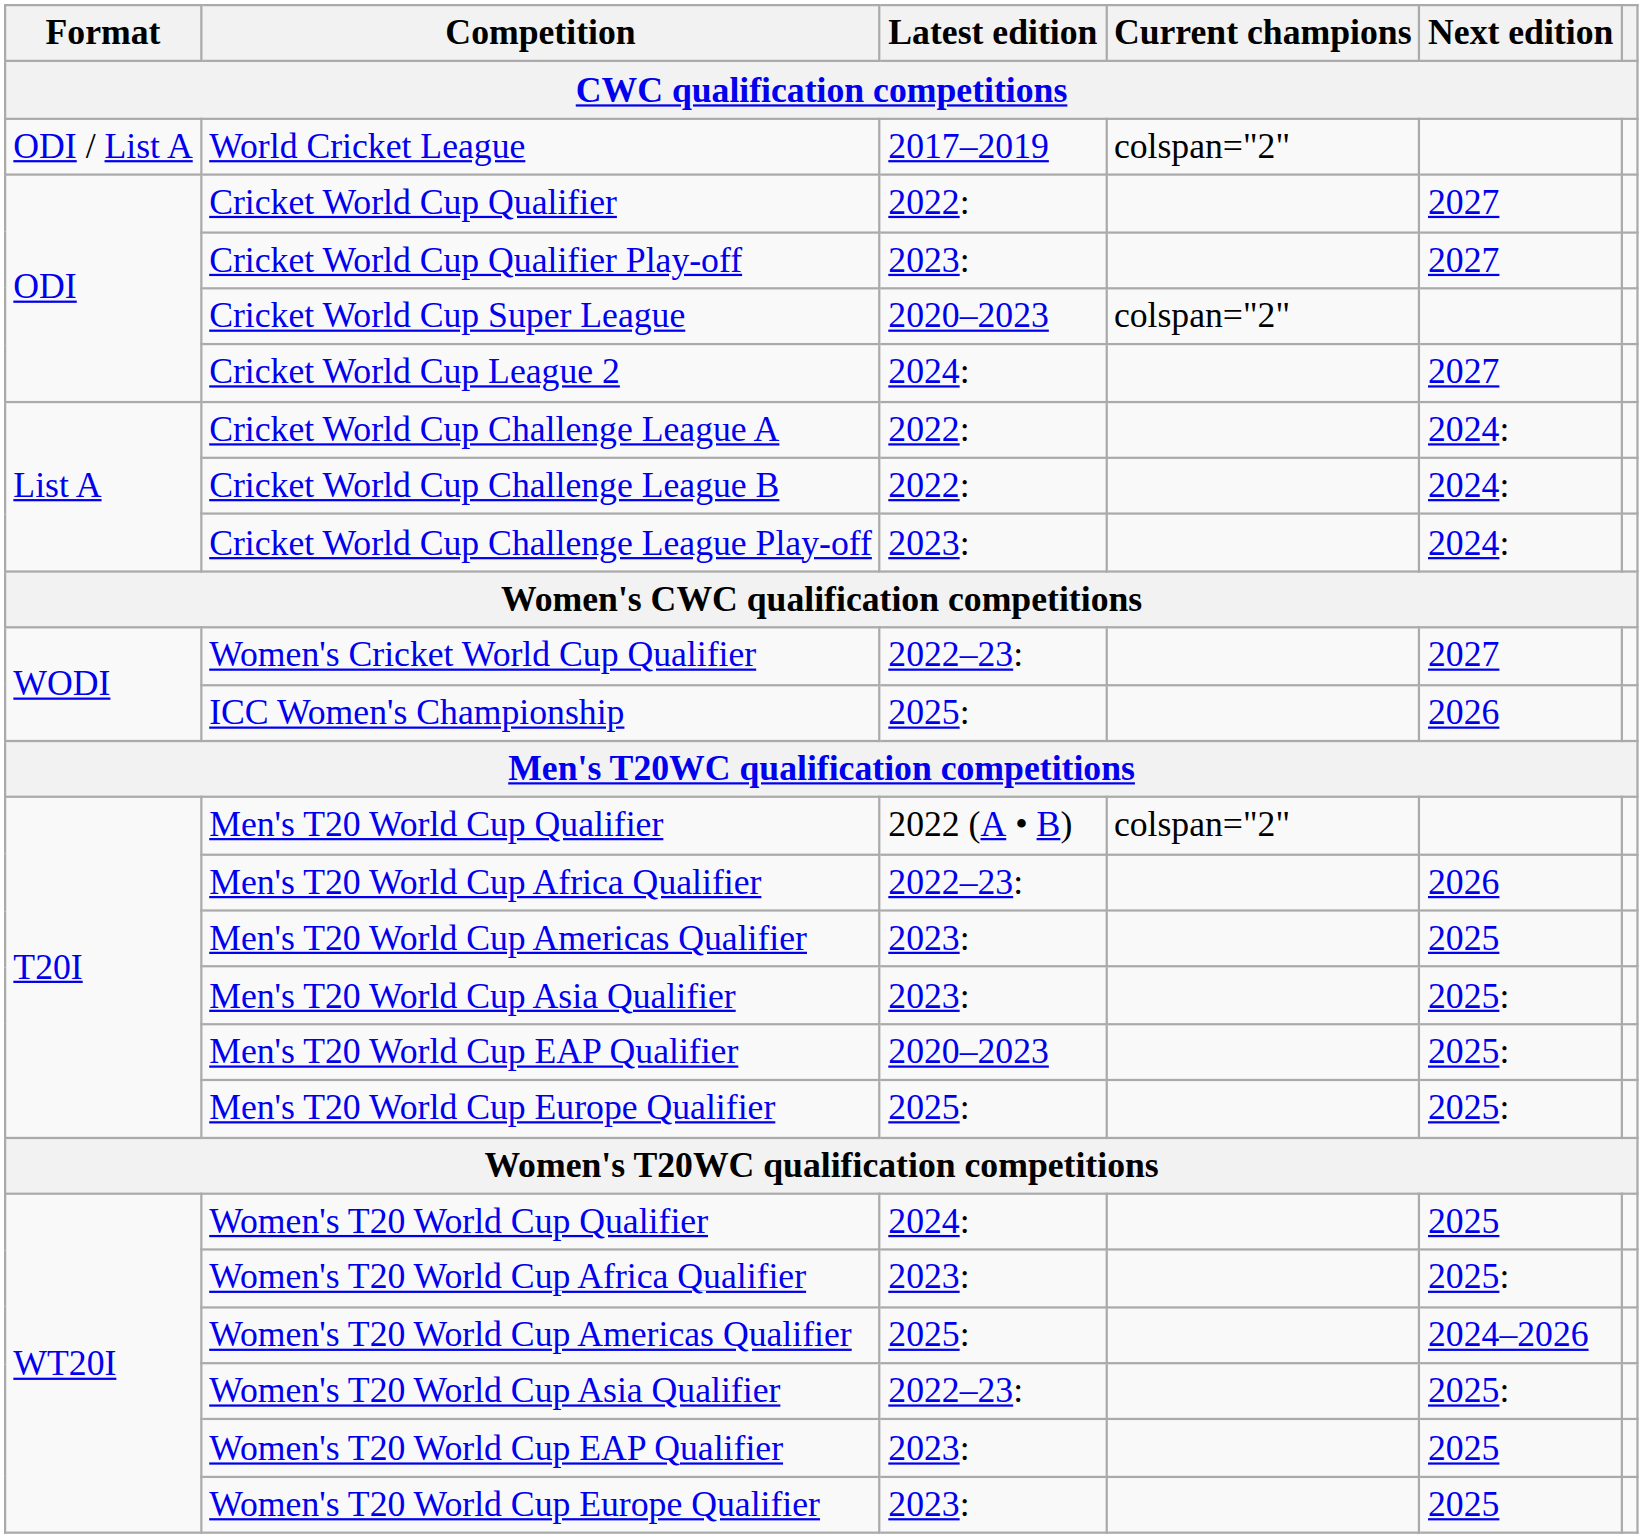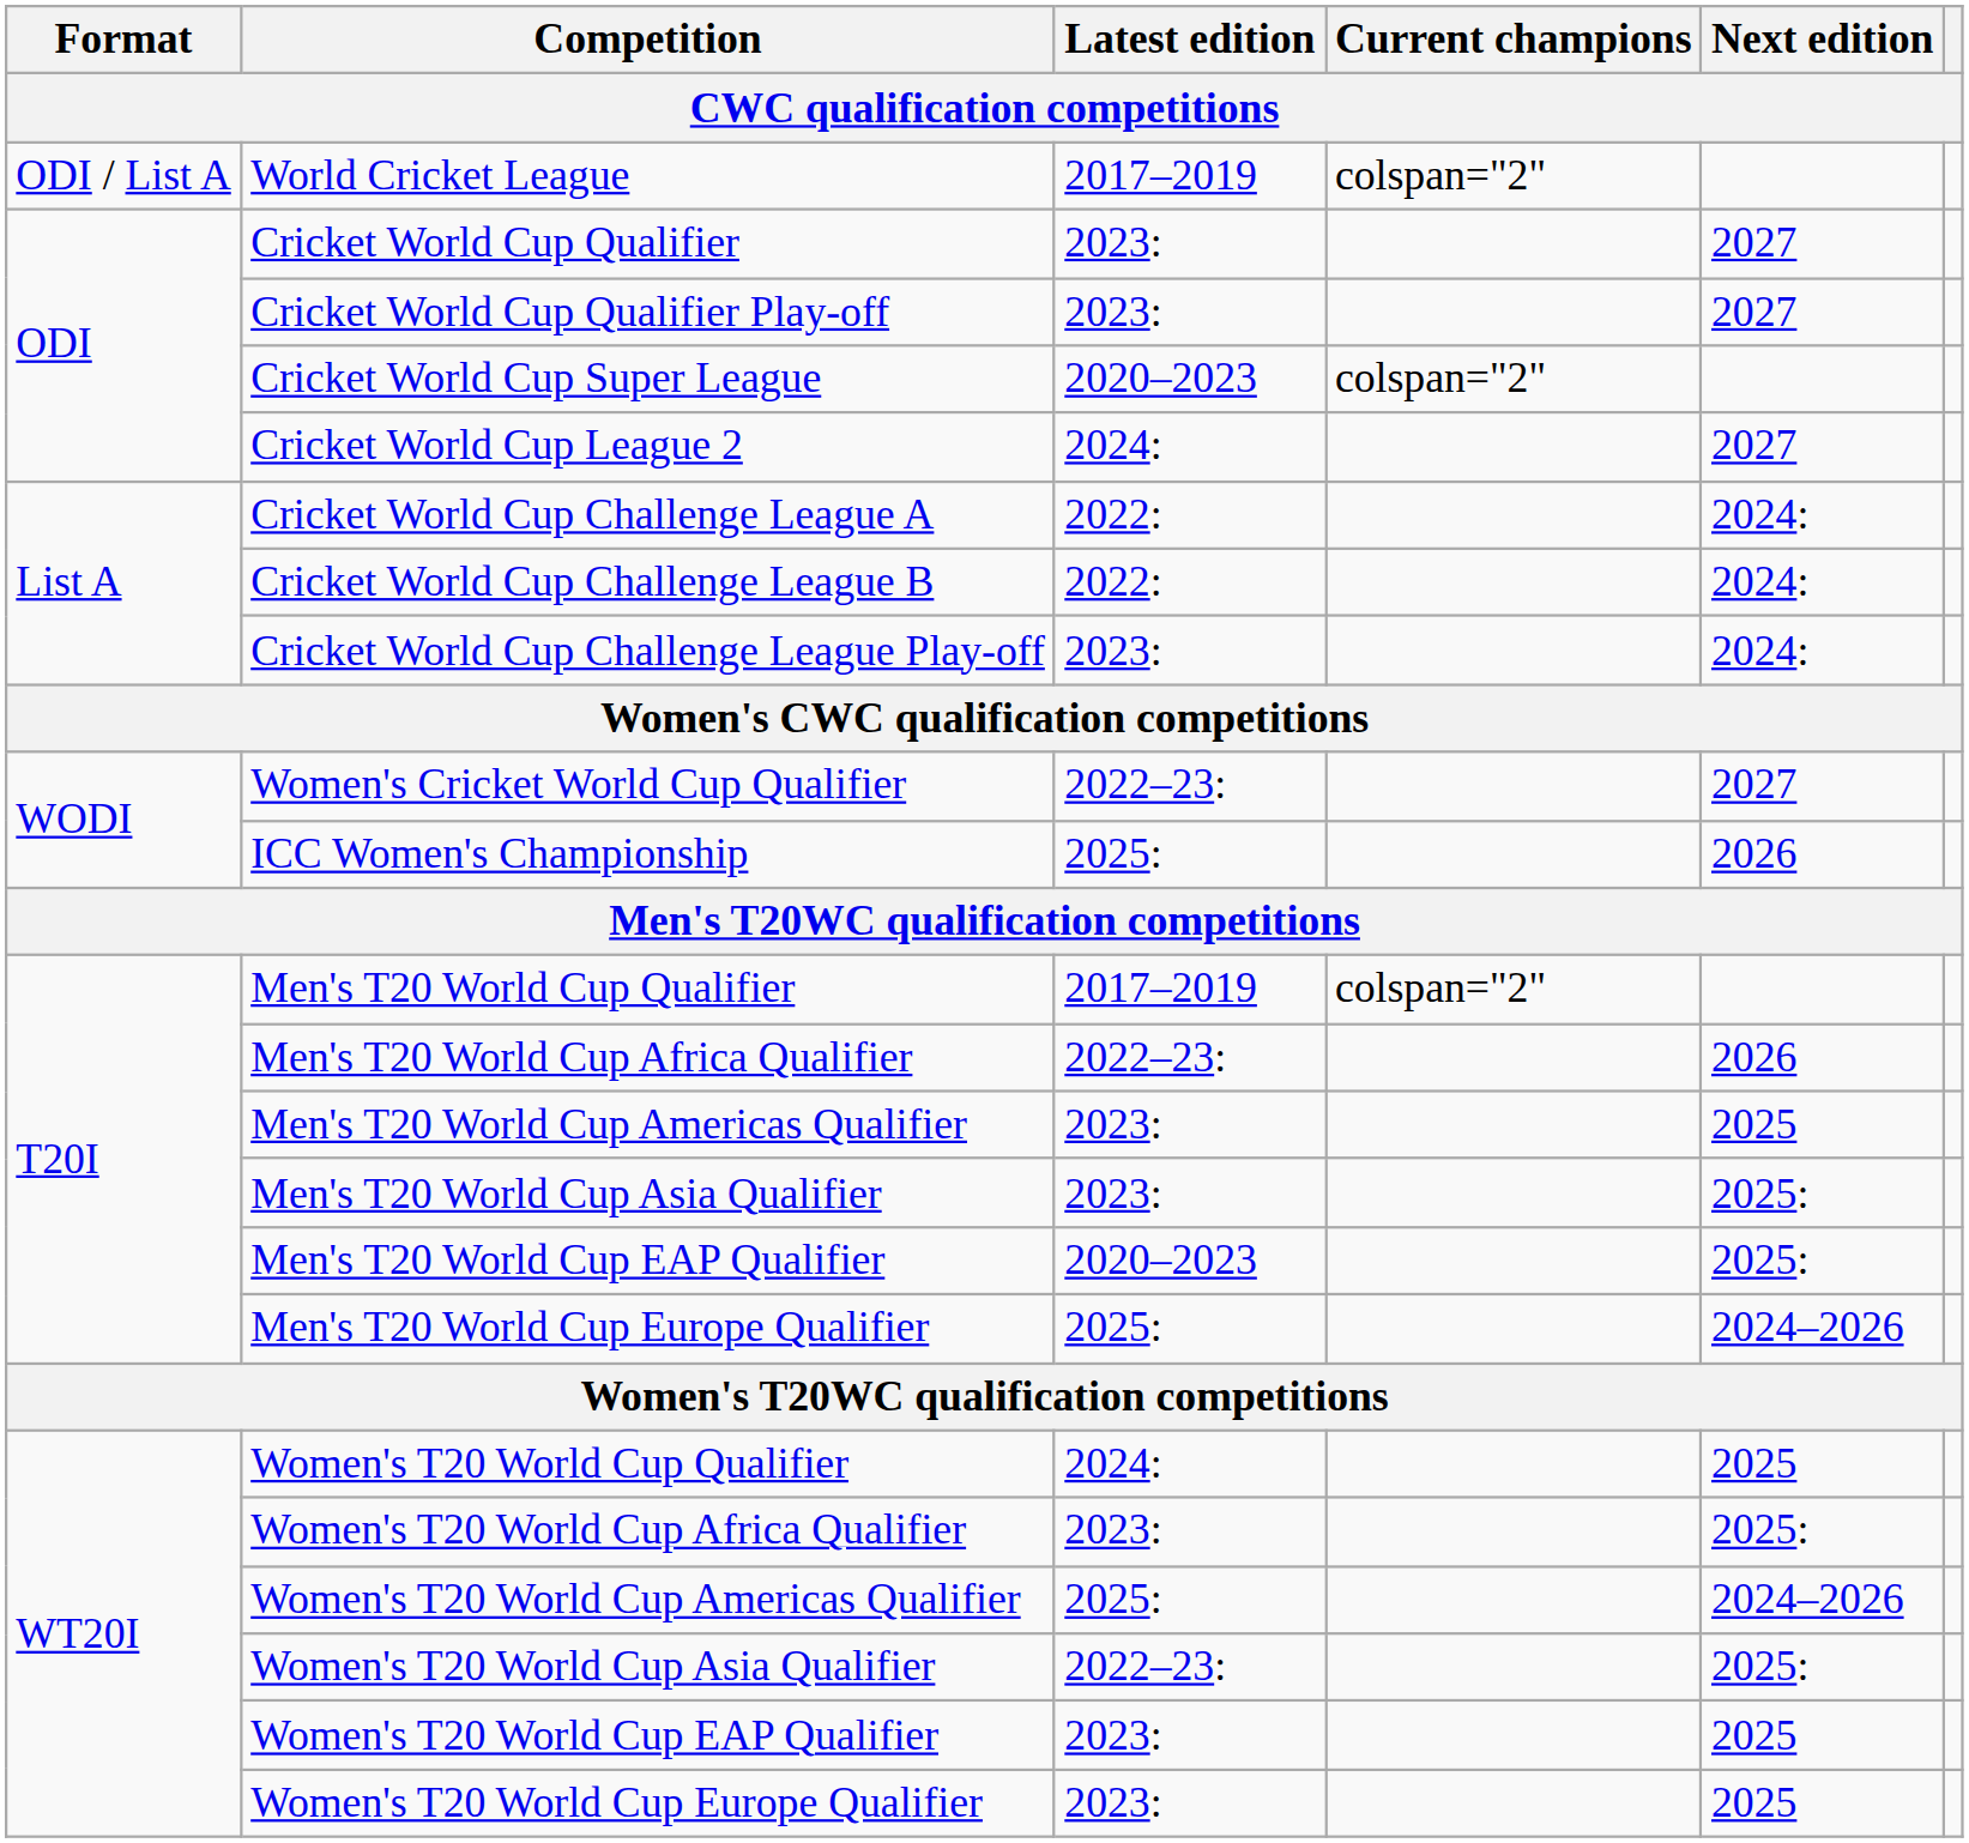 <table class="wikitable">
 <tr>
 <th scope="col">Format</th>
 <th scope="col">Competition</th>
 <th scope="col">Latest edition</th>
 <th scope="col">Current champions</th>
 <th scope="col">Next edition</th>
 <th scope="col" class="unsortable"></th>
 </tr>
 <tr>
 <th scope="colgroup" colspan="6"><a href='#'>CWC qualification competitions</a></th>
 </tr>
 <tr>
 <td><a href='#'>ODI</a> / <a href='#'>List A</a></td>
 <td><a href='#'>World Cricket League</a></td>
 <td><a href='#'>2017–2019</a></td>
 <td>colspan="2" </td>
 <td></td>
 </tr>
 <tr>
 <td rowspan="4"><a href='#'>ODI</a></td>
 <td><a href='#'>Cricket World Cup Qualifier</a></td>
-<td><a href='#'>2022</a>: </td>
+<td><a href='#'>2023</a>: </td>
 <td></td>
 <td><a href='#'>2027</a></td>
 <td></td>
 </tr>
 <tr>
 <td><a href='#'>Cricket World Cup Qualifier Play-off</a></td>
 <td><a href='#'>2023</a>: </td>
 <td></td>
 <td><a href='#'>2027</a></td>
 <td></td>
 </tr>
 <tr>
 <td><a href='#'>Cricket World Cup Super League</a></td>
 <td><a href='#'>2020–2023</a></td>
 <td>colspan="2" </td>
 <td></td>
 </tr>
 <tr>
 <td><a href='#'>Cricket World Cup League 2</a></td>
 <td><a href='#'>2024</a>: </td>
 <td></td>
 <td><a href='#'>2027</a></td>
 <td></td>
 </tr>
 <tr>
 <td rowspan="3"><a href='#'>List A</a></td>
 <td><a href='#'>Cricket World Cup Challenge League A</a></td>
 <td><a href='#'>2022</a>: </td>
 <td></td>
 <td><a href='#'>2024</a>: </td>
 <td></td>
 </tr>
 <tr>
 <td><a href='#'>Cricket World Cup Challenge League B</a></td>
 <td><a href='#'>2022</a>: </td>
 <td></td>
 <td><a href='#'>2024</a>: </td>
 <td></td>
 </tr>
 <tr>
 <td><a href='#'>Cricket World Cup Challenge League Play-off</a></td>
 <td><a href='#'>2023</a>: </td>
 <td></td>
 <td><a href='#'>2024</a>: </td>
 <td></td>
 </tr>
 <tr>
 <th scope="colgroup" colspan="6">Women's CWC qualification competitions</th>
 </tr>
 <tr>
 <td rowspan="2"><a href='#'>WODI</a></td>
 <td><a href='#'>Women's Cricket World Cup Qualifier</a></td>
 <td><a href='#'>2022–23</a>: </td>
 <td></td>
 <td><a href='#'>2027</a></td>
 <td></td>
 </tr>
 <tr>
 <td><a href='#'>ICC Women's Championship</a></td>
 <td><a href='#'>2025</a>: </td>
 <td></td>
 <td><a href='#'>2026</a></td>
 <td></td>
 </tr>
 <tr>
 <th scope="colgroup" colspan="6"><a href='#'>Men's T20WC qualification competitions</a></th>
 </tr>
 <tr>
 <td rowspan="6"><a href='#'>T20I</a></td>
 <td><a href='#'>Men's T20 World Cup Qualifier</a></td>
-<td>2022 (<a href='#'>A</a> • <a href='#'>B</a>)</td>
+<td><a href='#'>2017–2019</a></td>
 <td>colspan="2" </td>
 <td></td>
 </tr>
 <tr>
 <td><a href='#'>Men's T20 World Cup Africa Qualifier</a></td>
 <td><a href='#'>2022–23</a>: </td>
 <td></td>
 <td><a href='#'>2026</a></td>
 <td></td>
 </tr>
 <tr>
 <td><a href='#'>Men's T20 World Cup Americas Qualifier</a></td>
 <td><a href='#'>2023</a>: </td>
 <td></td>
 <td><a href='#'>2025</a></td>
 <td></td>
 </tr>
 <tr>
 <td><a href='#'>Men's T20 World Cup Asia Qualifier</a></td>
 <td><a href='#'>2023</a>: </td>
 <td></td>
 <td><a href='#'>2025</a>: </td>
 <td></td>
 </tr>
 <tr>
 <td><a href='#'>Men's T20 World Cup EAP Qualifier</a></td>
 <td><a href='#'>2020–2023</a></td>
 <td></td>
 <td><a href='#'>2025</a>: </td>
 <td></td>
 </tr>
 <tr>
 <td><a href='#'>Men's T20 World Cup Europe Qualifier</a></td>
 <td><a href='#'>2025</a>: </td>
 <td></td>
-<td><a href='#'>2025</a>: </td>
+<td><a href='#'>2024–2026</a></td>
 <td></td>
 </tr>
 <tr>
 <th scope="colgroup" colspan="6">Women's T20WC qualification competitions</th>
 </tr>
 <tr>
 <td rowspan="6"><a href='#'>WT20I</a></td>
 <td><a href='#'>Women's T20 World Cup Qualifier</a></td>
 <td><a href='#'>2024</a>: </td>
 <td></td>
 <td><a href='#'>2025</a></td>
 <td></td>
 </tr>
 <tr>
 <td><a href='#'>Women's T20 World Cup Africa Qualifier</a></td>
 <td><a href='#'>2023</a>: </td>
 <td></td>
 <td><a href='#'>2025</a>: </td>
 <td></td>
 </tr>
 <tr>
 <td><a href='#'>Women's T20 World Cup Americas Qualifier</a></td>
 <td><a href='#'>2025</a>: </td>
 <td></td>
 <td><a href='#'>2024–2026</a></td>
 <td></td>
 </tr>
 <tr>
 <td><a href='#'>Women's T20 World Cup Asia Qualifier</a></td>
 <td><a href='#'>2022–23</a>: </td>
 <td></td>
 <td><a href='#'>2025</a>: </td>
 <td></td>
 </tr>
 <tr>
 <td><a href='#'>Women's T20 World Cup EAP Qualifier</a></td>
 <td><a href='#'>2023</a>: </td>
 <td></td>
 <td><a href='#'>2025</a></td>
 <td></td>
 </tr>
 <tr>
 <td><a href='#'>Women's T20 World Cup Europe Qualifier</a></td>
 <td><a href='#'>2023</a>: </td>
 <td></td>
 <td><a href='#'>2025</a></td>
 <td></td>
 </tr>
 </table>
